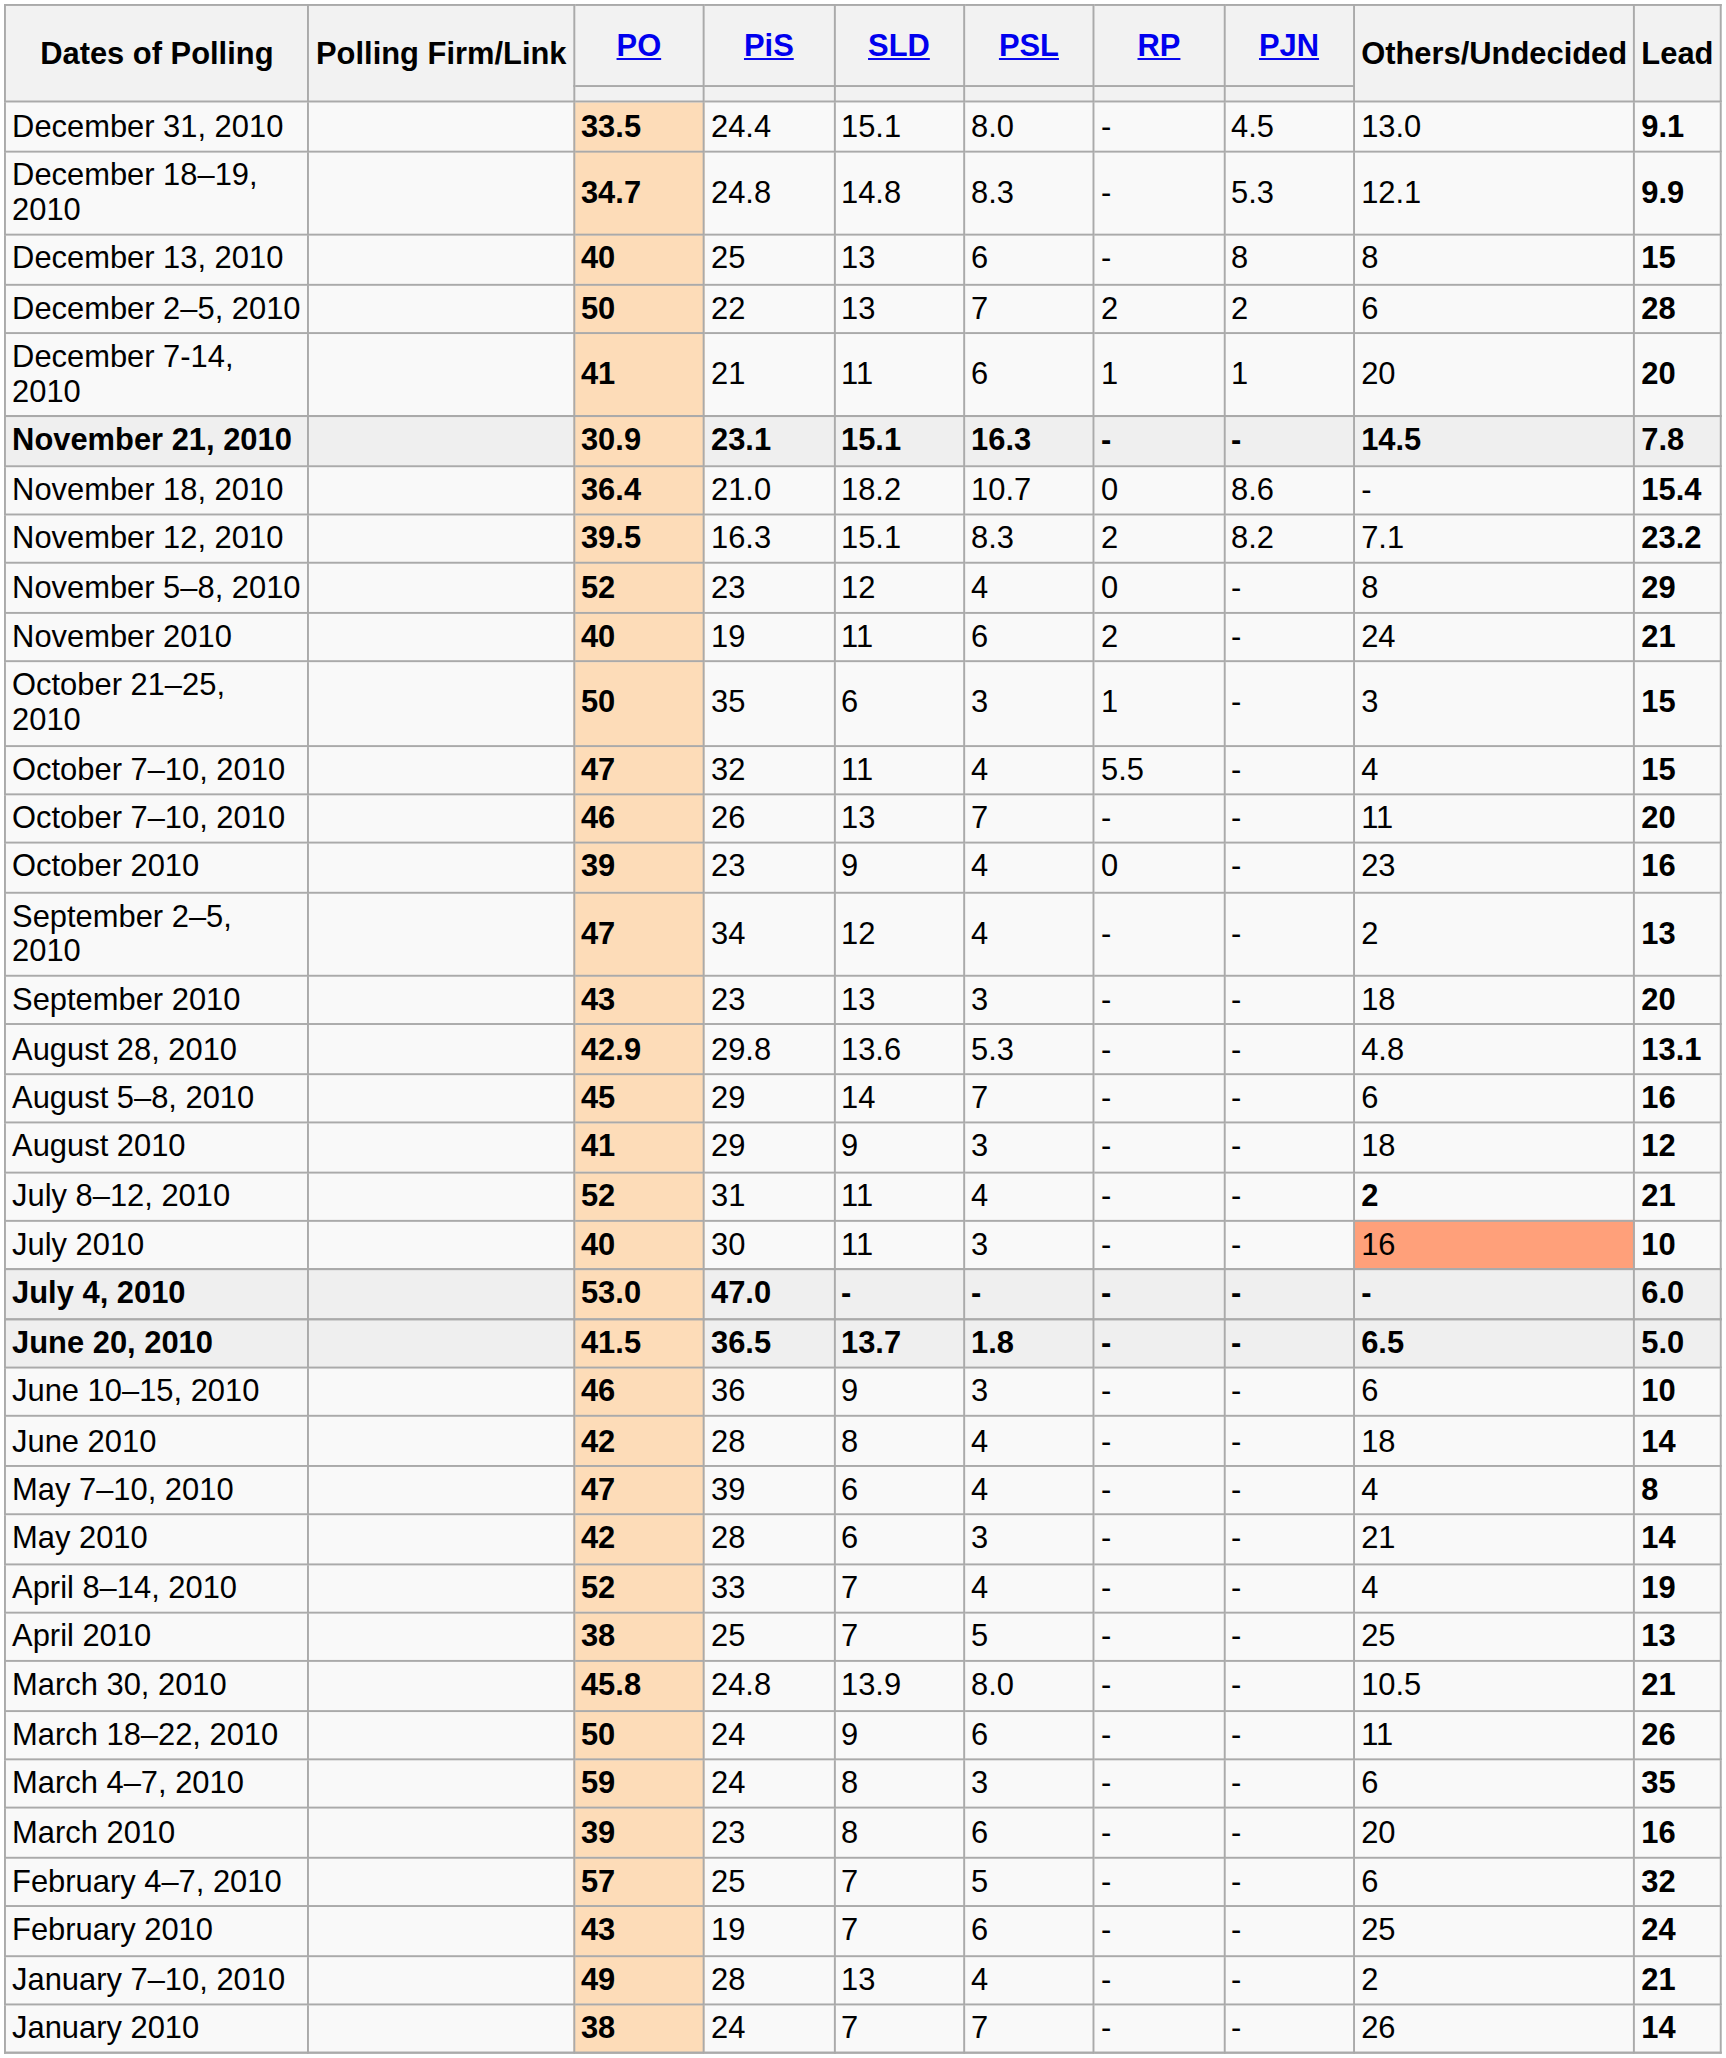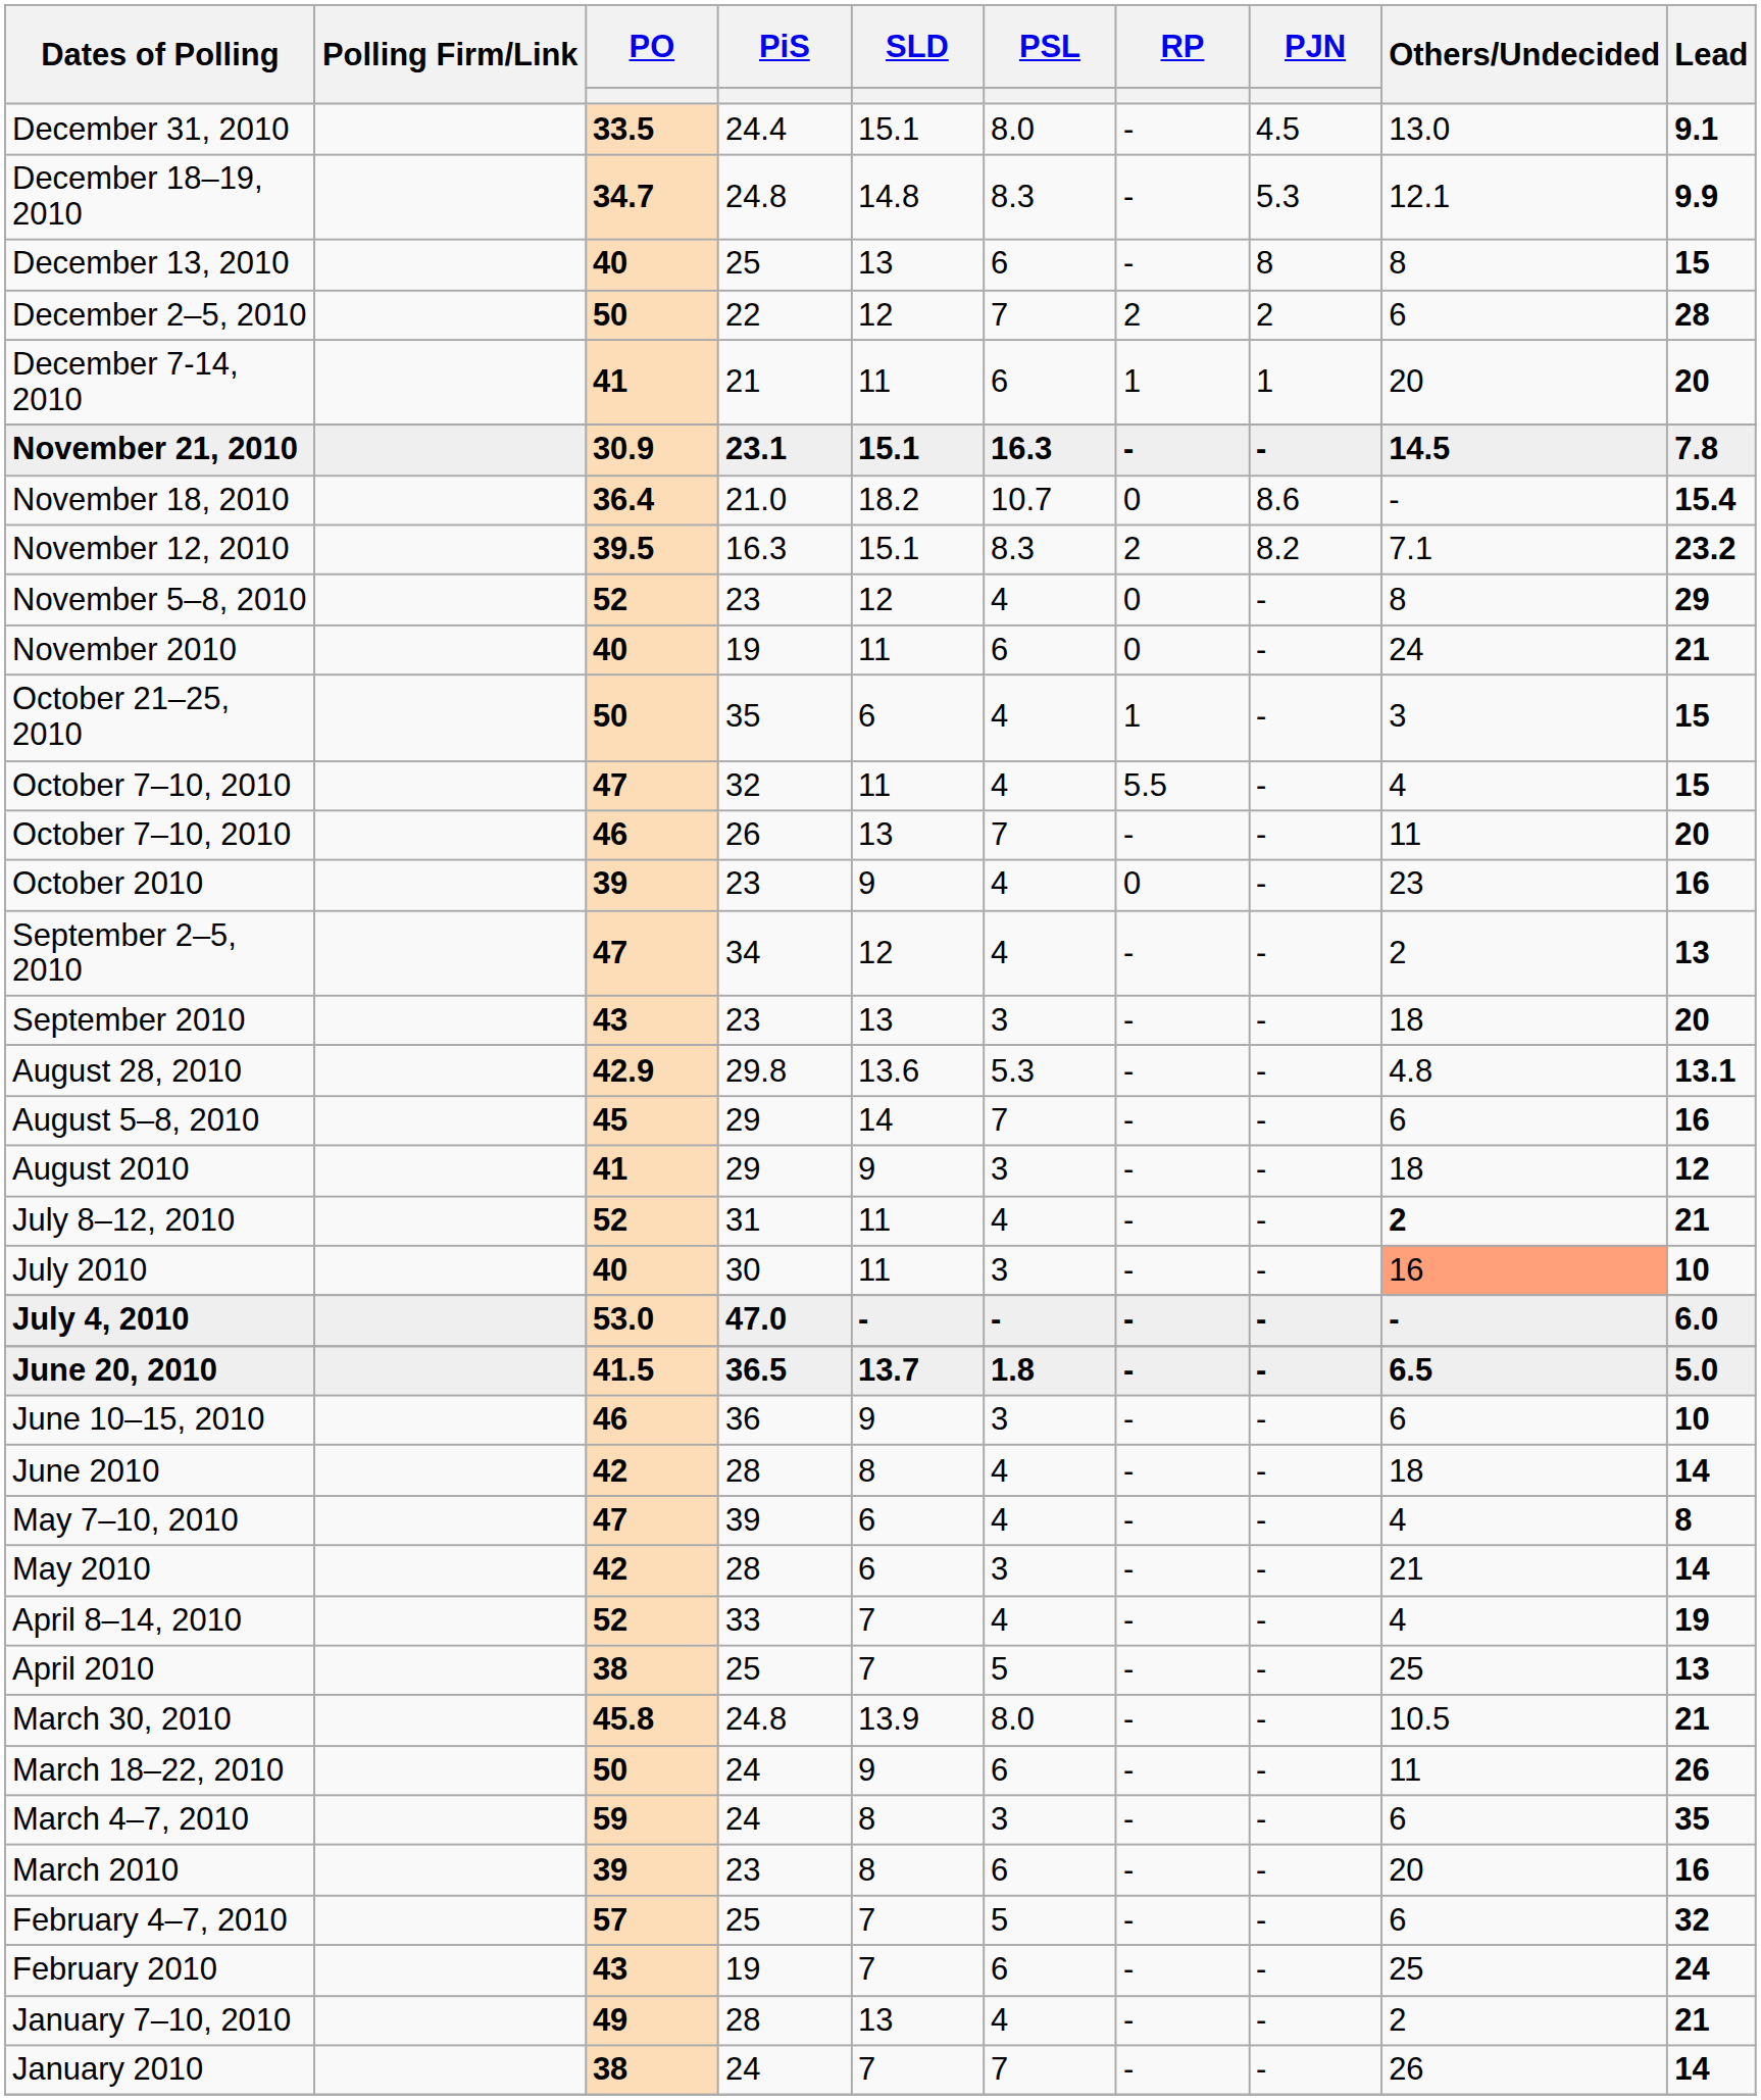 <table class="wikitable sortable collapsible">
 <tr style="height:42px; text-align:center; background-color:#E9E9E9">
 <th rowspan="2" data-sort-type="date" style="width:150px;">Dates of Polling</th>
 <th rowspan="2" style="width:130px;">Polling Firm/Link</th>
 <th style="width:60px;" class="unsortable"><a href='#'>PO</a></th>
 <th style="width:60px;" class="unsortable"><a href='#'>PiS</a></th>
 <th style="width:60px;" class="unsortable"><a href='#'>SLD</a></th>
 <th style="width:60px;" class="unsortable"><a href='#'>PSL</a></th>
 <th style="width:60px;" class="unsortable"><a href='#'>RP</a></th>
 <th style="width:60px;" class="unsortable"><a href='#'>PJN</a></th>
 <th rowspan="2" data-sort-type="number" style="width:40px;">Others/Undecided</th>
 <th rowspan="2" data-sort-type="number" style="width:30px;">Lead</th>
 </tr>
 <tr>
 <th data-sort-type="number" style="height:1px; background:"></th>
 <th data-sort-type="number" style="height:1px; background:"></th>
 <th data-sort-type="number" style="height:1px; background:"></th>
 <th data-sort-type="number" style="height:1px; background:"></th>
 <th data-sort-type="number" style="height:1px; background:"></th>
 <th data-sort-type="number" style="height:1px; background:"></th>
 </tr>
 <tr>
 <td>December 31, 2010</td>
 <td></td>
 <td style="background:#FDDCB8"><strong>33.5</strong></td>
 <td>24.4</td>
 <td>15.1</td>
 <td>8.0</td>
 <td>-</td>
 <td>4.5</td>
 <td>13.0</td>
 <td style="background:"><strong>9.1</strong></td>
 </tr>
 <tr>
 <td>December 18–19, 2010</td>
 <td></td>
 <td style="background:#FDDCB8"><strong>34.7</strong></td>
 <td>24.8</td>
 <td>14.8</td>
 <td>8.3</td>
 <td>-</td>
 <td>5.3</td>
 <td>12.1</td>
 <td style="background:"><strong>9.9</strong></td>
 </tr>
 <tr>
 <td>December 13, 2010</td>
 <td></td>
 <td style="background:#FDDCB8"><strong>40</strong></td>
 <td>25</td>
 <td>13</td>
 <td>6</td>
 <td>-</td>
 <td>8</td>
 <td>8</td>
 <td style="background:"><strong>15</strong></td>
 </tr>
 <tr>
 <td>December 2–5, 2010</td>
 <td></td>
 <td style="background:#FDDCB8"><strong>50</strong></td>
 <td>22</td>
-<td>13</td>
+<td>12</td>
 <td>7</td>
 <td>2</td>
 <td>2</td>
 <td>6</td>
 <td style="background:"><strong>28</strong></td>
 </tr>
 <tr>
 <td>December 7-14, 2010</td>
 <td></td>
 <td style="background:#FDDCB8"><strong>41</strong></td>
 <td>21</td>
 <td>11</td>
 <td>6</td>
 <td>1</td>
 <td>1</td>
 <td>20</td>
 <td style="background:"><strong>20</strong></td>
 </tr>
 <tr>
 </tr>
 <tr style="background:#EFEFEF; font-weight:bold;">
 <td>November 21, 2010</td>
 <td></td>
 <td style="background:#FDDCB8">30.9</td>
 <td>23.1</td>
 <td>15.1</td>
 <td>16.3</td>
 <td>-</td>
 <td>-</td>
 <td>14.5</td>
 <td style="background:"><strong>7.8</strong></td>
 </tr>
 <tr>
 <td>November 18, 2010</td>
 <td></td>
 <td style="background:#FDDCB8"><strong>36.4</strong></td>
 <td>21.0</td>
 <td>18.2</td>
 <td>10.7</td>
 <td>0</td>
 <td>8.6</td>
 <td>-</td>
 <td style="background:"><strong>15.4</strong></td>
 </tr>
 <tr>
 <td>November 12, 2010</td>
 <td></td>
 <td style="background:#FDDCB8"><strong>39.5</strong></td>
 <td>16.3</td>
 <td>15.1</td>
 <td>8.3</td>
 <td>2</td>
 <td>8.2</td>
 <td>7.1</td>
 <td style="background:"><strong>23.2</strong></td>
 </tr>
 <tr>
 <td>November 5–8, 2010</td>
 <td></td>
 <td style="background:#FDDCB8"><strong>52</strong></td>
 <td>23</td>
 <td>12</td>
 <td>4</td>
 <td>0</td>
 <td>-</td>
 <td>8</td>
 <td style="background:"><strong>29</strong></td>
 </tr>
 <tr>
 <td>November 2010</td>
 <td></td>
 <td style="background:#FDDCB8"><strong>40</strong></td>
 <td>19</td>
 <td>11</td>
 <td>6</td>
-<td>2</td>
+<td>0</td>
 <td>-</td>
 <td>24</td>
 <td style="background:"><strong>21</strong></td>
 </tr>
 <tr>
 <td>October 21–25, 2010</td>
 <td></td>
 <td style="background:#FDDCB8"><strong>50</strong></td>
 <td>35</td>
 <td>6</td>
-<td>3</td>
+<td>4</td>
 <td>1</td>
 <td>-</td>
 <td>3</td>
 <td style="background:"><strong>15</strong></td>
 </tr>
 <tr>
 <td>October 7–10, 2010</td>
 <td></td>
 <td style="background:#FDDCB8"><strong>47</strong></td>
 <td>32</td>
 <td>11</td>
 <td>4</td>
 <td>5.5</td>
 <td>-</td>
 <td>4</td>
 <td style="background:"><strong>15</strong></td>
 </tr>
 <tr>
 <td>October 7–10, 2010</td>
 <td></td>
 <td style="background:#FDDCB8"><strong>46</strong></td>
 <td>26</td>
 <td>13</td>
 <td>7</td>
 <td>-</td>
 <td>-</td>
 <td>11</td>
 <td style="background:"><strong>20</strong></td>
 </tr>
 <tr>
 <td>October 2010</td>
 <td></td>
 <td style="background:#FDDCB8"><strong>39</strong></td>
 <td>23</td>
 <td>9</td>
 <td>4</td>
 <td>0</td>
 <td>-</td>
 <td>23</td>
 <td style="background:"><strong>16</strong></td>
 </tr>
 <tr>
 <td>September 2–5, 2010</td>
 <td></td>
 <td style="background:#FDDCB8"><strong>47</strong></td>
 <td>34</td>
 <td>12</td>
 <td>4</td>
 <td>-</td>
 <td>-</td>
 <td>2</td>
 <td style="background:"><strong>13</strong></td>
 </tr>
 <tr>
 <td>September 2010</td>
 <td></td>
 <td style="background:#FDDCB8"><strong>43</strong></td>
 <td>23</td>
 <td>13</td>
 <td>3</td>
 <td>-</td>
 <td>-</td>
 <td>18</td>
 <td style="background:"><strong>20</strong></td>
 </tr>
 <tr>
 <td>August 28, 2010</td>
 <td></td>
 <td style="background:#FDDCB8"><strong>42.9</strong></td>
 <td>29.8</td>
 <td>13.6</td>
 <td>5.3</td>
 <td>-</td>
 <td>-</td>
 <td>4.8</td>
 <td style="background:"><strong>13.1</strong></td>
 </tr>
 <tr>
 <td>August 5–8, 2010</td>
 <td></td>
 <td style="background:#FDDCB8"><strong>45</strong></td>
 <td>29</td>
 <td>14</td>
 <td>7</td>
 <td>-</td>
 <td>-</td>
 <td>6</td>
 <td style="background:"><strong>16</strong></td>
 </tr>
 <tr>
 <td>August 2010</td>
 <td></td>
 <td style="background:#FDDCB8"><strong>41</strong></td>
 <td>29</td>
 <td>9</td>
 <td>3</td>
 <td>-</td>
 <td>-</td>
 <td>18</td>
 <td style="background:"><strong>12</strong></td>
 </tr>
 <tr>
 <td>July 8–12, 2010</td>
 <td></td>
 <td style="background:#FDDCB8"><strong>52</strong></td>
 <td>31</td>
 <td>11</td>
 <td>4</td>
 <td>-</td>
 <td>-</td>
 <td><strong>2</strong></td>
 <td style="background:"><strong>21</strong></td>
 </tr>
 <tr>
 <td>July 2010</td>
 <td></td>
 <td style="background:#FDDCB8"><strong>40</strong></td>
 <td>30</td>
 <td>11</td>
 <td>3</td>
 <td>-</td>
 <td>-</td>
 <td style="background: lightsalmon;">16</td>
 <td style="background:"><strong>10</strong></td>
 </tr>
 <tr>
 </tr>
 <tr style="background:#EFEFEF; font-weight:bold;">
 <td>July 4, 2010</td>
 <td></td>
 <td style="background:#FDDCB8"><strong>53.0</strong></td>
 <td>47.0</td>
 <td>-</td>
 <td>-</td>
 <td>-</td>
 <td>-</td>
 <td>-</td>
 <td style="background:"><strong>6.0</strong></td>
 </tr>
 <tr>
 </tr>
 <tr style="background:#EFEFEF; font-weight:bold;">
 <td>June 20, 2010</td>
 <td></td>
 <td style="background:#FDDCB8"><strong>41.5</strong></td>
 <td>36.5</td>
 <td>13.7</td>
 <td>1.8</td>
 <td>-</td>
 <td>-</td>
 <td>6.5</td>
 <td style="background:"><strong>5.0</strong></td>
 </tr>
 <tr>
 <td>June 10–15, 2010</td>
 <td></td>
 <td style="background:#FDDCB8"><strong>46</strong></td>
 <td>36</td>
 <td>9</td>
 <td>3</td>
 <td>-</td>
 <td>-</td>
 <td>6</td>
 <td style="background:"><strong>10</strong></td>
 </tr>
 <tr>
 <td>June 2010</td>
 <td></td>
 <td style="background:#FDDCB8"><strong>42</strong></td>
 <td>28</td>
 <td>8</td>
 <td>4</td>
 <td>-</td>
 <td>-</td>
 <td>18</td>
 <td style="background:"><strong>14</strong></td>
 </tr>
 <tr>
 <td>May 7–10, 2010</td>
 <td></td>
 <td style="background:#FDDCB8"><strong>47</strong></td>
 <td>39</td>
 <td>6</td>
 <td>4</td>
 <td>-</td>
 <td>-</td>
 <td>4</td>
 <td style="background:"><strong>8</strong></td>
 </tr>
 <tr>
 <td>May 2010</td>
 <td></td>
 <td style="background:#FDDCB8"><strong>42</strong></td>
 <td>28</td>
 <td>6</td>
 <td>3</td>
 <td>-</td>
 <td>-</td>
 <td>21</td>
 <td style="background:"><strong>14</strong></td>
 </tr>
 <tr>
 <td>April 8–14, 2010</td>
 <td></td>
 <td style="background:#FDDCB8"><strong>52</strong></td>
 <td>33</td>
 <td>7</td>
 <td>4</td>
 <td>-</td>
 <td>-</td>
 <td>4</td>
 <td style="background:"><strong>19</strong></td>
 </tr>
 <tr>
 <td>April 2010</td>
 <td></td>
 <td style="background:#FDDCB8"><strong>38</strong></td>
 <td>25</td>
 <td>7</td>
 <td>5</td>
 <td>-</td>
 <td>-</td>
 <td>25</td>
 <td style="background:"><strong>13</strong></td>
 </tr>
 <tr>
 <td>March 30, 2010</td>
 <td></td>
 <td style="background:#FDDCB8"><strong>45.8</strong></td>
 <td>24.8</td>
 <td>13.9</td>
 <td>8.0</td>
 <td>-</td>
 <td>-</td>
 <td>10.5</td>
 <td style="background:"><strong>21</strong></td>
 </tr>
 <tr>
 <td>March 18–22, 2010</td>
 <td></td>
 <td style="background:#FDDCB8"><strong>50</strong></td>
 <td>24</td>
 <td>9</td>
 <td>6</td>
 <td>-</td>
 <td>-</td>
 <td>11</td>
 <td style="background:"><strong>26</strong></td>
 </tr>
 <tr>
 <td>March 4–7, 2010</td>
 <td></td>
 <td style="background:#FDDCB8"><strong>59</strong></td>
 <td>24</td>
 <td>8</td>
 <td>3</td>
 <td>-</td>
 <td>-</td>
 <td>6</td>
 <td style="background:"><strong>35</strong></td>
 </tr>
 <tr>
 <td>March 2010</td>
 <td></td>
 <td style="background:#FDDCB8"><strong>39</strong></td>
 <td>23</td>
 <td>8</td>
 <td>6</td>
 <td>-</td>
 <td>-</td>
 <td>20</td>
 <td style="background:"><strong>16</strong></td>
 </tr>
 <tr>
 <td>February 4–7, 2010</td>
 <td></td>
 <td style="background:#FDDCB8"><strong>57</strong></td>
 <td>25</td>
 <td>7</td>
 <td>5</td>
 <td>-</td>
 <td>-</td>
 <td>6</td>
 <td style="background:"><strong>32</strong></td>
 </tr>
 <tr>
 <td>February 2010</td>
 <td></td>
 <td style="background:#FDDCB8"><strong>43</strong></td>
 <td>19</td>
 <td>7</td>
 <td>6</td>
 <td>-</td>
 <td>-</td>
 <td>25</td>
 <td style="background:"><strong>24</strong></td>
 </tr>
 <tr>
 <td>January 7–10, 2010</td>
 <td></td>
 <td style="background:#FDDCB8"><strong>49</strong></td>
 <td>28</td>
 <td>13</td>
 <td>4</td>
 <td>-</td>
 <td>-</td>
 <td>2</td>
 <td style="background:"><strong>21</strong></td>
 </tr>
 <tr>
 <td>January 2010</td>
 <td></td>
 <td style="background:#FDDCB8"><strong>38</strong></td>
 <td>24</td>
 <td>7</td>
 <td>7</td>
 <td>-</td>
 <td>-</td>
 <td>26</td>
 <td style="background:"><strong>14</strong></td>
 </tr>
 <tr>
 </tr>
 </table>
